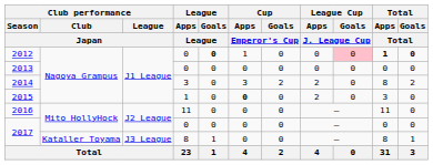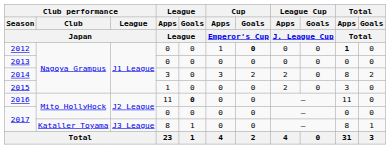 <table class="wikitable" style="text-align:center;">
 <tr>
 <th colspan=3>Club performance</th>
 <th colspan=2>League</th>
 <th colspan=2>Cup</th>
 <th colspan=2>League Cup</th>
 <th colspan=2>Total</th>
 </tr>
 <tr>
 <th>Season</th>
 <th>Club</th>
 <th>League</th>
 <th>Apps</th>
 <th>Goals</th>
 <th>Apps</th>
 <th>Goals</th>
 <th>Apps</th>
 <th>Goals</th>
 <th>Apps</th>
 <th>Goals</th>
 </tr>
 <tr>
 <th colspan=3>Japan</th>
 <th colspan=2>League</th>
 <th colspan=2><a href='#'>Emperor's Cup</a></th>
 <th colspan=2><a href='#'>J. League Cup</a></th>
 <th colspan=2>Total</th>
 </tr>
 <tr>
 <td><a href='#'>2012</a></td>
 <td rowspan="4"><a href='#'>Nagoya Grampus</a></td>
 <td rowspan="4"><a href='#'>J1 League</a></td>
 <td>0</td>
+<td>0</td>
+<td>1</td>
 <td><strong>0</strong></td>
-<td>1</td>
 <td>0</td>
 <td>0</td>
-<td style="background: pink;">0</td>
 <td><strong>1</strong></td>
-<td><strong>0</strong></td>
+<td>0</td>
 </tr>
 <tr>
 <td><a href='#'>2013</a></td>
 <td>0</td>
 <td>0</td>
 <td>0</td>
 <td>0</td>
 <td>0</td>
 <td>0</td>
 <td>0</td>
 <td>0</td>
 </tr>
 <tr>
 <td><a href='#'>2014</a></td>
 <td>3</td>
 <td>0</td>
 <td>3</td>
 <td>2</td>
 <td>2</td>
 <td>0</td>
 <td>8</td>
 <td>2</td>
 </tr>
 <tr>
 <td><a href='#'>2015</a></td>
 <td>1</td>
 <td>0</td>
-<td><strong>0</strong></td>
+<td>0</td>
 <td>0</td>
 <td>2</td>
 <td>0</td>
 <td>3</td>
 <td>0</td>
 </tr>
 <tr>
 <td><a href='#'>2016</a></td>
 <td rowspan="2"><a href='#'>Mito HollyHock</a></td>
 <td rowspan="2"><a href='#'>J2 League</a></td>
 <td>11</td>
-<td>0</td>
+<td><strong>0</strong></td>
 <td>0</td>
 <td>0</td>
 <td colspan="2">–</td>
 <td>11</td>
 <td>0</td>
 </tr>
 <tr>
 <td rowspan="2"><a href='#'>2017</a></td>
 <td>0</td>
 <td>0</td>
 <td>0</td>
 <td>0</td>
 <td colspan="2">–</td>
 <td>0</td>
 <td>0</td>
 </tr>
 <tr>
 <td rowspan="1"><a href='#'>Kataller Toyama</a></td>
 <td rowspan="1"><a href='#'>J3 League</a></td>
 <td>8</td>
 <td>1</td>
 <td>0</td>
 <td>0</td>
 <td colspan="2">–</td>
 <td>8</td>
 <td>1</td>
 </tr>
 <tr>
 <th colspan=3>Total</th>
 <th>23</th>
 <th>1</th>
 <th>4</th>
 <th>2</th>
 <th>4</th>
 <th>0</th>
 <th>31</th>
 <th>3</th>
 </tr>
 </table>
